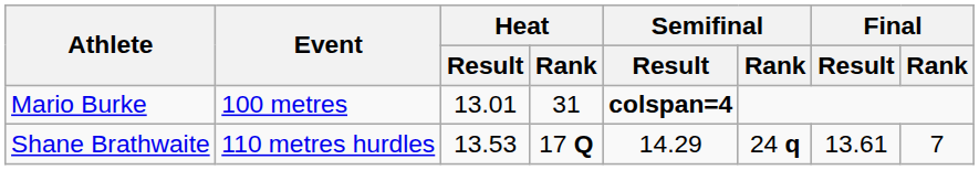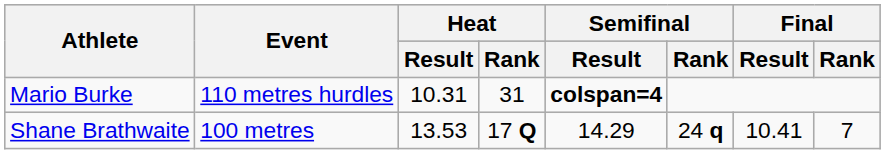 <table class="wikitable" style="font-size:90%">
 <tr>
 <th rowspan="2">Athlete</th>
 <th rowspan="2">Event</th>
 <th colspan="2">Heat</th>
 <th colspan="2">Semifinal</th>
 <th colspan="2">Final</th>
 </tr>
 <tr>
 <th>Result</th>
 <th>Rank</th>
 <th>Result</th>
 <th>Rank</th>
 <th>Result</th>
 <th>Rank</th>
 </tr>
 <tr style=text-align:center>
 <td style=text-align:left><a href='#'>Mario Burke</a></td>
-<td style=text-align:left><a href='#'>100 metres</a></td>
-<td>13.01</td>
+<td style=text-align:left><a href='#'>110 metres hurdles</a></td>
+<td>10.31</td>
 <td>31</td>
 <td><strong>colspan=4 </strong></td>
 </tr>
 <tr style=text-align:center>
 <td style=text-align:left><a href='#'>Shane Brathwaite</a></td>
-<td style=text-align:left><a href='#'>110 metres hurdles</a></td>
+<td style=text-align:left><a href='#'>100 metres</a></td>
 <td>13.53</td>
 <td>17 <strong>Q</strong></td>
 <td>14.29</td>
 <td>24 <strong>q</strong></td>
-<td>13.61</td>
+<td>10.41</td>
 <td>7</td>
 </tr>
 </table>
